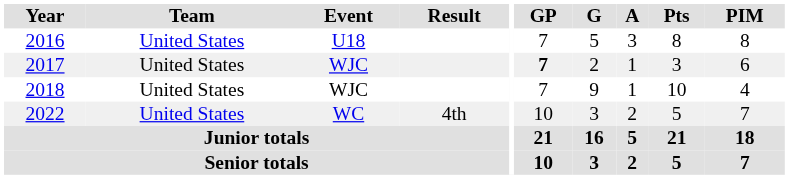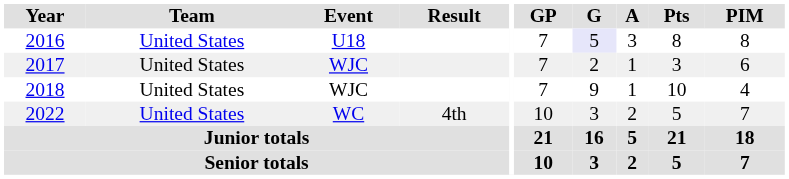 <table border="0" cellpadding="1" cellspacing="0" ID="Table3" style="text-align:center; width:40em">
 <tr ALIGN="center" bgcolor="#e0e0e0">
 <th>Year</th>
 <th>Team</th>
 <th>Event</th>
 <th>Result</th>
 <th rowspan="98" bgcolor="#ffffff"></th>
 <th>GP</th>
 <th>G</th>
 <th>A</th>
 <th>Pts</th>
 <th>PIM</th>
 </tr>
 <tr>
 <td><a href='#'>2016</a></td>
 <td><a href='#'>United States</a></td>
 <td><a href='#'>U18</a></td>
 <td></td>
 <td>7</td>
-<td>5</td>
+<td style="background: lavender;">5</td>
 <td>3</td>
 <td>8</td>
 <td>8</td>
 </tr>
 <tr bgcolor="#f0f0f0">
 <td><a href='#'>2017</a></td>
 <td>United States</td>
 <td><a href='#'>WJC</a></td>
 <td></td>
-<td><strong>7</strong></td>
+<td>7</td>
 <td>2</td>
 <td>1</td>
 <td>3</td>
 <td>6</td>
 </tr>
 <tr>
 <td><a href='#'>2018</a></td>
 <td>United States</td>
 <td>WJC</td>
 <td></td>
 <td>7</td>
 <td>9</td>
 <td>1</td>
 <td>10</td>
 <td>4</td>
 </tr>
 <tr bgcolor="#f0f0f0">
 <td><a href='#'>2022</a></td>
 <td><a href='#'>United States</a></td>
 <td><a href='#'>WC</a></td>
 <td>4th</td>
 <td>10</td>
 <td>3</td>
 <td>2</td>
 <td>5</td>
 <td>7</td>
 </tr>
 <tr bgcolor="#e0e0e0">
 <th colspan="4">Junior totals</th>
 <th>21</th>
 <th>16</th>
 <th>5</th>
 <th>21</th>
 <th>18</th>
 </tr>
 <tr bgcolor="#e0e0e0">
 <th colspan="4">Senior totals</th>
 <th>10</th>
 <th>3</th>
 <th>2</th>
 <th>5</th>
 <th>7</th>
 </tr>
 </table>
